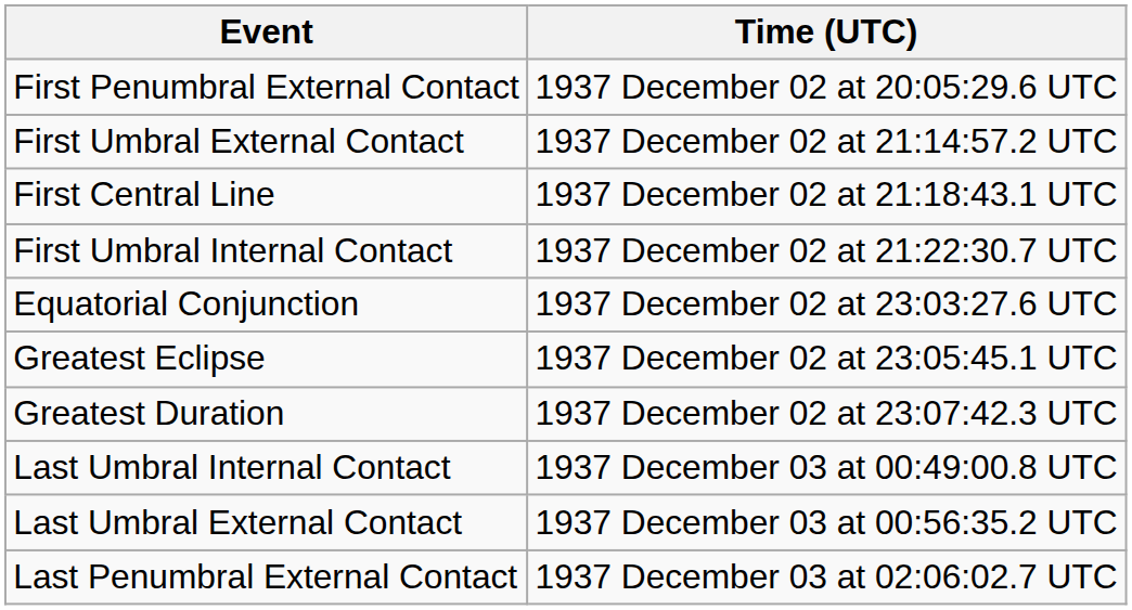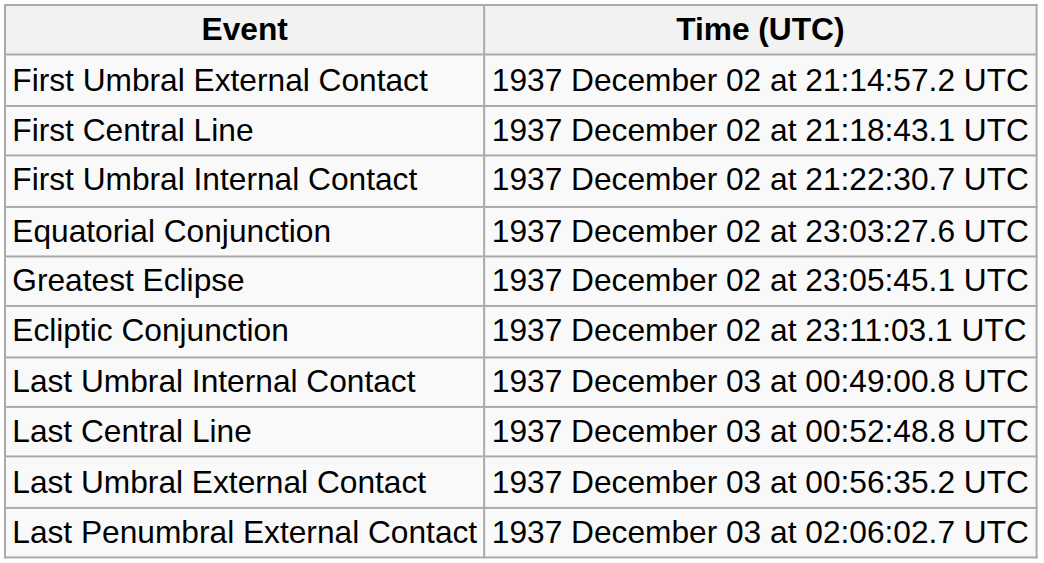 <table class="wikitable">
 <tr>
 <th>Event</th>
 <th>Time (UTC)</th>
-</tr>
-<tr>
-<td>First Penumbral External Contact</td>
-<td>1937 December 02 at 20:05:29.6 UTC</td>
 </tr>
 <tr>
 <td>First Umbral External Contact</td>
 <td>1937 December 02 at 21:14:57.2 UTC</td>
 </tr>
 <tr>
 <td>First Central Line</td>
 <td>1937 December 02 at 21:18:43.1 UTC</td>
 </tr>
 <tr>
 <td>First Umbral Internal Contact</td>
 <td>1937 December 02 at 21:22:30.7 UTC</td>
 </tr>
 <tr>
 <td>Equatorial Conjunction</td>
 <td>1937 December 02 at 23:03:27.6 UTC</td>
 </tr>
 <tr>
 <td>Greatest Eclipse</td>
 <td>1937 December 02 at 23:05:45.1 UTC</td>
 </tr>
 <tr>
-<td>Greatest Duration</td>
-<td>1937 December 02 at 23:07:42.3 UTC</td>
+<td>Ecliptic Conjunction</td>
+<td>1937 December 02 at 23:11:03.1 UTC</td>
 </tr>
 <tr>
 <td>Last Umbral Internal Contact</td>
 <td>1937 December 03 at 00:49:00.8 UTC</td>
+</tr>
+<tr>
+<td>Last Central Line</td>
+<td>1937 December 03 at 00:52:48.8 UTC</td>
 </tr>
 <tr>
 <td>Last Umbral External Contact</td>
 <td>1937 December 03 at 00:56:35.2 UTC</td>
 </tr>
 <tr>
 <td>Last Penumbral External Contact</td>
 <td>1937 December 03 at 02:06:02.7 UTC</td>
 </tr>
 </table>
